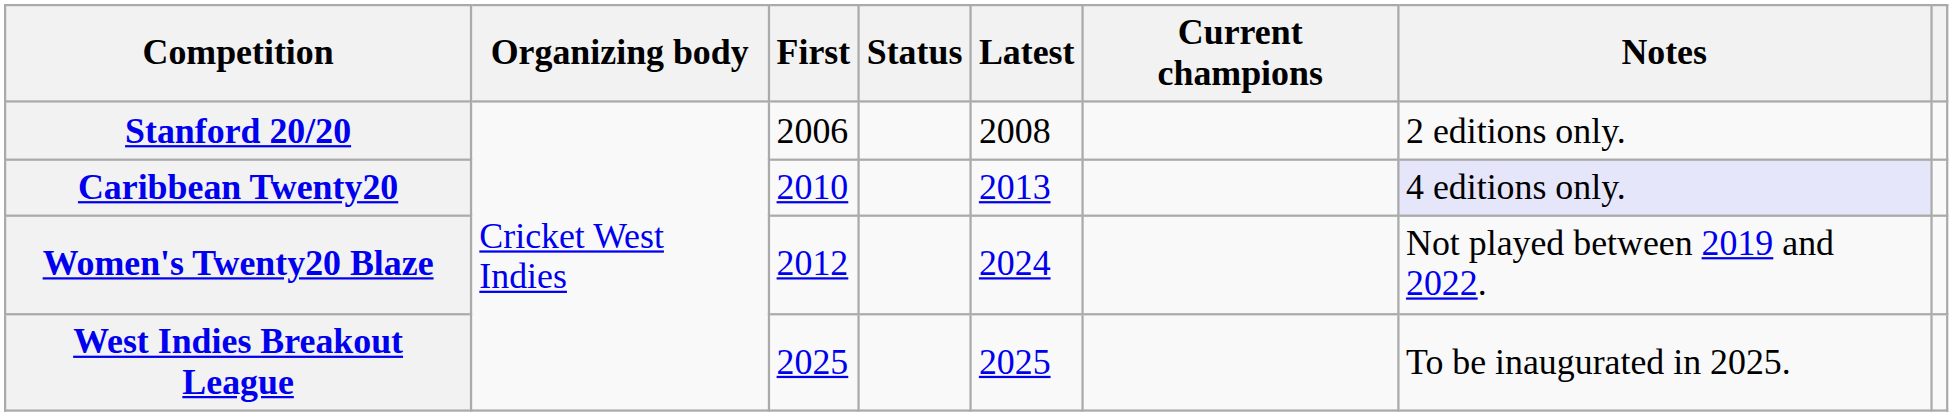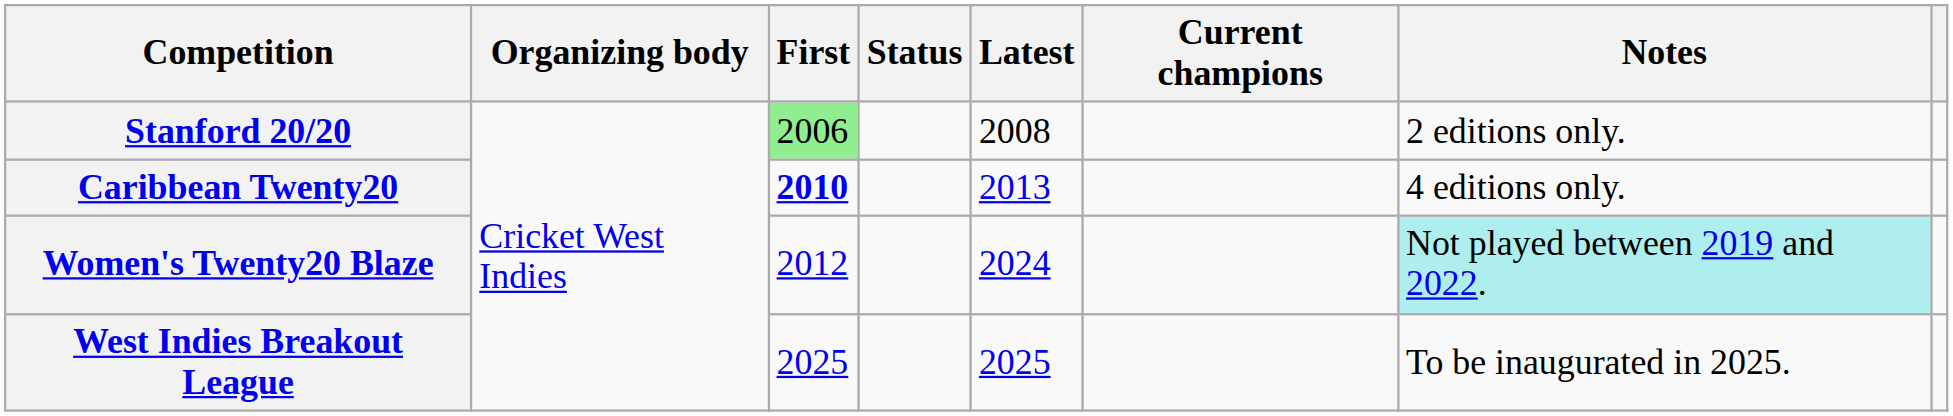 <table class="wikitable sortable plainrowheaders">
 <tr>
 <th scope="col">Competition</th>
 <th scope="col">Organizing body</th>
 <th scope="col">First</th>
 <th scope="col">Status</th>
 <th scope="col">Latest</th>
 <th scope="col">Current champions</th>
 <th scope="col">Notes</th>
 <th scope="col" class="unsortable"></th>
 </tr>
 <tr>
 <th scope="row"><a href='#'>Stanford 20/20</a></th>
 <td rowspan="4"><a href='#'>Cricket West Indies</a></td>
-<td>2006</td>
+<td style="background: lightgreen;">2006</td>
 <td></td>
 <td>2008</td>
 <td></td>
 <td>2 editions only.</td>
 <td></td>
 </tr>
 <tr>
 <th scope="row"><a href='#'>Caribbean Twenty20</a></th>
-<td><a href='#'>2010</a></td>
+<td><strong><a href='#'>2010</a></strong></td>
 <td></td>
 <td><a href='#'>2013</a></td>
 <td></td>
-<td style="background: lavender;">4 editions only.</td>
+<td>4 editions only.</td>
 <td></td>
 </tr>
 <tr>
 <th scope="row"><a href='#'>Women's Twenty20 Blaze</a></th>
 <td><a href='#'>2012</a></td>
 <td></td>
 <td><a href='#'>2024</a></td>
 <td></td>
-<td>Not played between <a href='#'>2019</a> and <a href='#'>2022</a>.</td>
+<td style="background: paleturquoise;">Not played between <a href='#'>2019</a> and <a href='#'>2022</a>.</td>
 <td></td>
 </tr>
 <tr>
 <th scope="row"><a href='#'>West Indies Breakout League</a></th>
 <td><a href='#'>2025</a></td>
 <td></td>
 <td><a href='#'>2025</a></td>
 <td></td>
 <td>To be inaugurated in 2025.</td>
 <td></td>
 </tr>
 </table>
